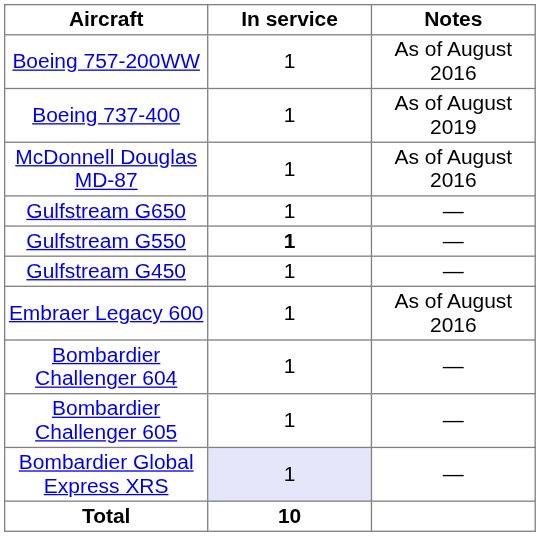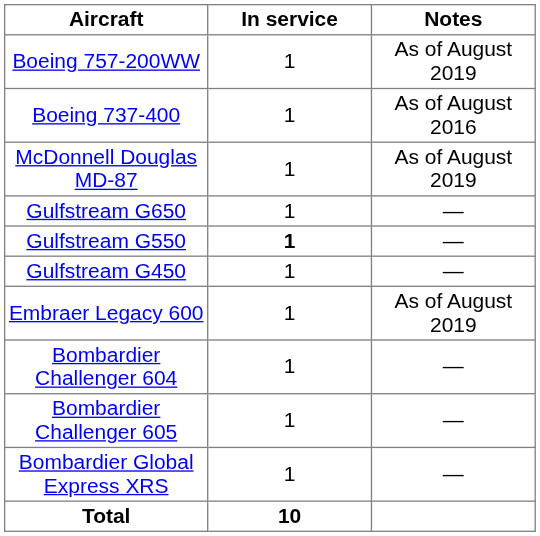 <table class="toccolours" border="1" cellpadding="2" style="border-collapse:collapse; text-align:center">
 <tr style="background:white">
 <th rowspan="1" style="width:150px;"><span>Aircraft</span></th>
 <th rowspan="1" style="width:120px;"><span>In service</span></th>
 <th rowspan="1" style="width:120px;"><span>Notes</span></th>
 </tr>
 <tr>
 <td><a href='#'>Boeing 757-200WW</a></td>
 <td>1 </td>
-<td>As of August 2016</td>
+<td>As of August 2019</td>
 </tr>
 <tr>
 <td><a href='#'>Boeing 737-400</a></td>
 <td>1 </td>
-<td>As of August 2019</td>
+<td>As of August 2016</td>
 </tr>
 <tr>
 <td><a href='#'>McDonnell Douglas MD-87</a></td>
 <td>1</td>
-<td>As of August 2016</td>
+<td>As of August 2019</td>
 </tr>
 <tr>
 <td><a href='#'>Gulfstream G650</a></td>
 <td>1</td>
 <td>—</td>
 </tr>
 <tr>
 <td><a href='#'>Gulfstream G550</a></td>
 <td><strong>1</strong></td>
 <td>—</td>
 </tr>
 <tr>
 <td><a href='#'>Gulfstream G450</a></td>
 <td>1</td>
 <td>—</td>
 </tr>
 <tr>
 <td><a href='#'>Embraer Legacy 600</a></td>
 <td>1</td>
-<td>As of August 2016</td>
+<td>As of August 2019</td>
 </tr>
 <tr>
 <td><a href='#'>Bombardier Challenger 604</a></td>
 <td>1</td>
 <td>—</td>
 </tr>
 <tr>
 <td><a href='#'>Bombardier Challenger 605</a></td>
 <td>1</td>
 <td>—</td>
 </tr>
 <tr>
 <td><a href='#'>Bombardier Global Express XRS</a></td>
-<td style="background: lavender;">1</td>
+<td>1</td>
 <td>—</td>
 </tr>
 <tr>
 <th>Total</th>
 <th>10</th>
 <th colspan="6"></th>
 </tr>
 </table>
